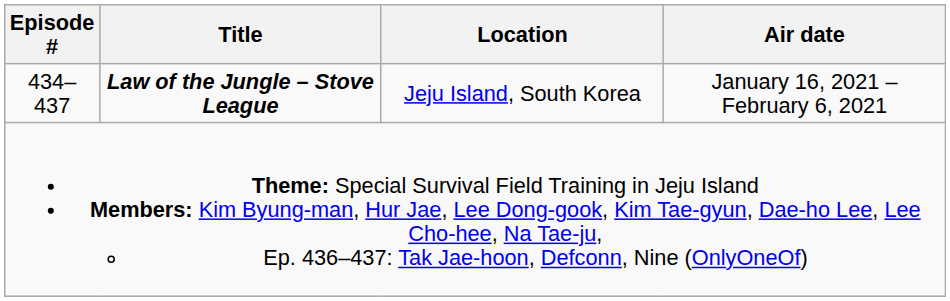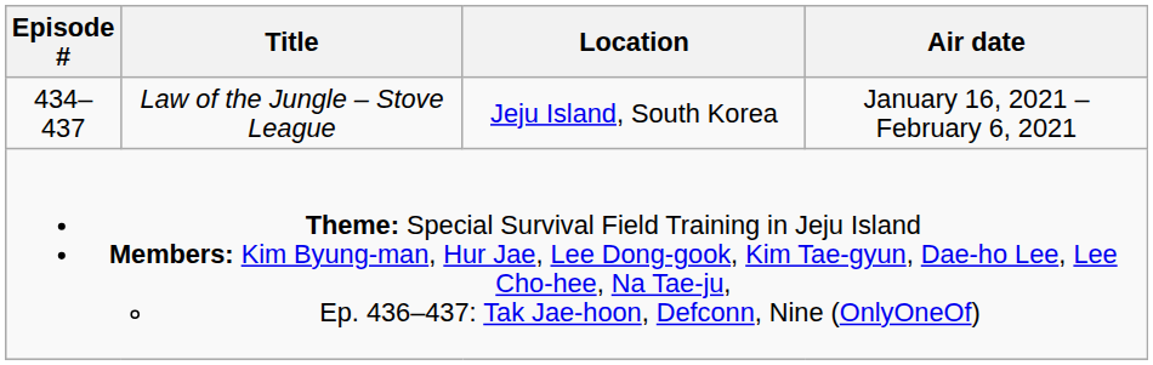 <table class="wikitable" style="text-align:center; font-size:90%; width:100%;">
 <tr>
 <th width="10%">Episode #</th>
 <th width="30%">Title</th>
 <th width="30%">Location</th>
 <th width="30%">Air date</th>
 </tr>
 <tr>
 <td>434–437</td>
-<td><strong><em>Law of the Jungle – Stove League</em></strong></td>
+<td><em>Law of the Jungle – Stove League</em></td>
 <td><a href='#'>Jeju Island</a>, South Korea</td>
 <td>January 16, 2021 – February 6, 2021</td>
 </tr>
 <tr>
 <td colspan="4"><br><ul><li><strong>Theme:</strong> Special Survival Field Training in Jeju Island</li><li><strong>Members:</strong> <a href='#'>Kim Byung-man</a>, <a href='#'>Hur Jae</a>, <a href='#'>Lee Dong-gook</a>, <a href='#'>Kim Tae-gyun</a>, <a href='#'>Dae-ho Lee</a>, <a href='#'>Lee Cho-hee</a>, <a href='#'>Na Tae-ju</a>, <ul><li>Ep. 436–437: <a href='#'>Tak Jae-hoon</a>, <a href='#'>Defconn</a>, Nine (<a href='#'>OnlyOneOf</a>)</li></ul></li></ul></td>
 </tr>
 </table>
